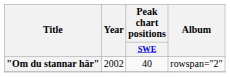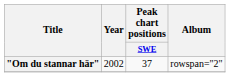 <table class="wikitable plainrowheaders" style="text-align:center;">
 <tr>
 <th scope="col" rowspan="2">Title</th>
 <th scope="col" rowspan="2">Year</th>
 <th scope="col" colspan="1">Peak chart positions</th>
 <th scope="col" rowspan="2">Album</th>
 </tr>
 <tr>
 <th scope="col" style="width:3em;font-size:85%;"><a href='#'>SWE</a></th>
 </tr>
 <tr>
 <th scope="row">"Om du stannar här"</th>
 <td>2002</td>
-<td>40</td>
+<td>37</td>
 <td>rowspan="2" </td>
 </tr>
 <tr>
 </tr>
 </table>
